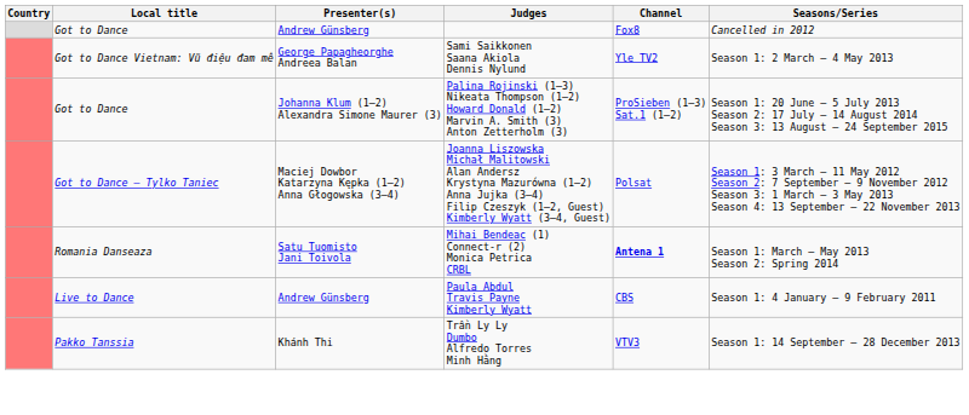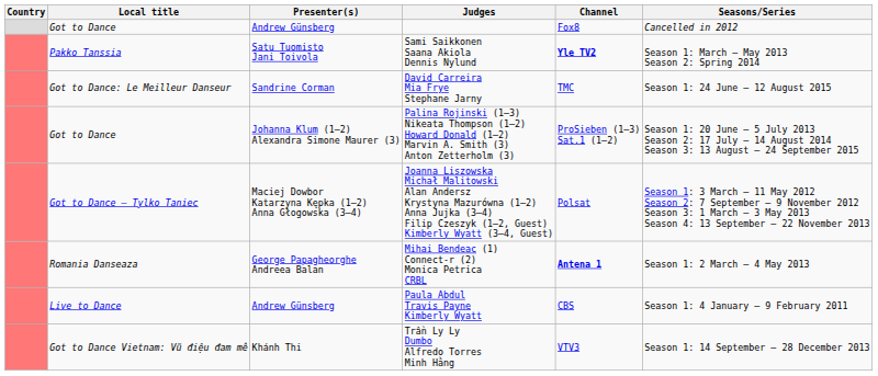 <table class="wikitable">
 <tr>
 <th>Country</th>
 <th>Local title</th>
 <th>Presenter(s)</th>
 <th>Judges</th>
 <th>Channel</th>
 <th>Seasons/Series</th>
 </tr>
 <tr>
 <td style="background:#DCDCDC;"></td>
 <td><em>Got to Dance</em></td>
 <td><a href='#'>Andrew Günsberg</a></td>
 <td></td>
 <td><a href='#'>Fox8</a></td>
 <td><em>Cancelled in 2012</em></td>
 </tr>
 <tr>
 <td style="background:#f77;"></td>
-<td><em>Got to Dance Vietnam: Vũ điệu đam mê</em></td>
-<td><a href='#'>George Papagheorghe</a> <br> Andreea Balan</td>
+<td><em><a href='#'>Pakko Tanssia</a></em></td>
+<td><a href='#'>Satu Tuomisto</a><br><a href='#'>Jani Toivola</a></td>
 <td>Sami Saikkonen<br>Saana Akiola<br>Dennis Nylund</td>
-<td><a href='#'>Yle TV2</a></td>
-<td>Season 1: 2 March – 4 May 2013</td>
+<td><strong><a href='#'>Yle TV2</a></strong></td>
+<td><br>Season 1: March – May 2013<br> Season 2: Spring 2014</td>
+</tr>
+<tr>
+<td style="background:#f77;"><br></td>
+<td><em>Got to Dance: Le Meilleur Danseur</em></td>
+<td><a href='#'>Sandrine Corman</a></td>
+<td><a href='#'>David Carreira</a><br><a href='#'>Mia Frye</a><br>Stephane Jarny</td>
+<td><a href='#'>TMC</a></td>
+<td>Season 1: 24 June – 12 August 2015</td>
 </tr>
 <tr>
 <td style="background:#f77;"></td>
 <td><em>Got to Dance</em></td>
 <td><a href='#'>Johanna Klum</a> (1–2)<br>Alexandra Simone Maurer (3)</td>
 <td><a href='#'>Palina Rojinski</a> (1–3)<br> Nikeata Thompson (1–2)<br> <a href='#'>Howard Donald</a> (1–2)<br>Marvin A. Smith (3)<br> Anton Zetterholm (3)</td>
 <td><a href='#'>ProSieben</a> (1–3)<br> <a href='#'>Sat.1</a> (1–2)</td>
 <td><br>Season 1: 20 June – 5 July 2013<br> Season 2: 17 July – 14 August 2014<br> Season 3: 13 August – 24 September 2015</td>
 </tr>
 <tr>
 <td style="background:#f77;"></td>
 <td><em><a href='#'>Got to Dance – Tylko Taniec</a></em></td>
 <td>Maciej Dowbor<br> Katarzyna Kępka (1–2)<br> Anna Głogowska (3–4)</td>
 <td><a href='#'>Joanna Liszowska</a><br> <a href='#'>Michał Malitowski</a><br> Alan Andersz<br> Krystyna Mazurówna (1–2)<br> Anna Jujka (3–4)<br> Filip Czeszyk (1–2, Guest)<br> <a href='#'>Kimberly Wyatt</a> (3–4, Guest)</td>
 <td><a href='#'>Polsat</a></td>
 <td><br><a href='#'>Season 1</a>: 3 March – 11 May 2012<br> <a href='#'>Season 2</a>: 7 September – 9 November 2012<br> Season 3: 1 March – 3 May 2013<br> Season 4: 13 September – 22 November 2013</td>
 </tr>
 <tr>
 <td style="background:#f77;"></td>
 <td><em>Romania Danseaza</em></td>
-<td><a href='#'>Satu Tuomisto</a><br><a href='#'>Jani Toivola</a></td>
+<td><a href='#'>George Papagheorghe</a> <br> Andreea Balan</td>
 <td><a href='#'>Mihai Bendeac</a> (1)<br>Connect-r (2)<br>Monica Petrica<br><a href='#'>CRBL</a></td>
 <td><strong><a href='#'>Antena 1</a></strong></td>
-<td><br>Season 1: March – May 2013<br> Season 2: Spring 2014</td>
+<td>Season 1: 2 March – 4 May 2013</td>
 </tr>
 <tr>
 <td style="background:#f77;"></td>
 <td><em><a href='#'>Live to Dance</a></em></td>
 <td><a href='#'>Andrew Günsberg</a></td>
 <td><a href='#'>Paula Abdul</a><br> <a href='#'>Travis Payne</a><br> <a href='#'>Kimberly Wyatt</a></td>
 <td><a href='#'>CBS</a></td>
 <td>Season 1: 4 January – 9 February 2011</td>
 </tr>
 <tr>
 <td style="background:#f77;"></td>
-<td><em><a href='#'>Pakko Tanssia</a></em></td>
+<td><em>Got to Dance Vietnam: Vũ điệu đam mê</em></td>
 <td>Khánh Thi</td>
 <td>Trần Ly Ly<br><a href='#'>Dumbo</a><br>Alfredo Torres<br>Minh Hằng</td>
 <td><a href='#'>VTV3</a></td>
 <td>Season 1: 14 September – 28 December 2013</td>
 </tr>
 </table>
